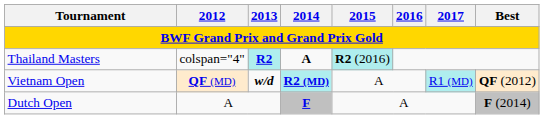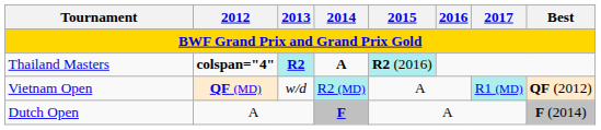 <table style='font-size: 90%; text-align:center;' class='wikitable'>
 <tr>
 <th width=180>Tournament</th>
 <th><a href='#'>2012</a></th>
 <th><a href='#'>2013</a></th>
 <th><a href='#'>2014</a></th>
 <th><a href='#'>2015</a></th>
 <th><a href='#'>2016</a></th>
 <th><a href='#'>2017</a></th>
 <th>Best</th>
 </tr>
 <tr bgcolor=FFD700>
 <td colspan=20 align=center><strong><a href='#'>BWF Grand Prix and Grand Prix Gold</a></strong></td>
 </tr>
 <tr>
 <td align=left><a href='#'>Thailand Masters</a></td>
-<td>colspan="4" </td>
+<td><strong>colspan="4" </strong></td>
 <td bgcolor=AFEEEE><a href='#'><strong>R2</strong></a></td>
 <td><strong>A</strong></td>
 <td bgcolor=AFEEEE><strong>R2</strong> (2016)</td>
 </tr>
 <tr>
 <td align=left><a href='#'>Vietnam Open</a></td>
 <td bgcolor=FFEBCD><a href='#'><strong>QF</strong> <small>(MD)</small></a></td>
-<td><strong><em>w/d</em></strong></td>
-<td bgcolor=AFEEEE><strong><a href='#'>R2 <small>(MD)</small></a></strong></td>
+<td><em>w/d</em></td>
+<td bgcolor=AFEEEE><a href='#'>R2 <small>(MD)</small></a></td>
 <td colspan="2">A</td>
 <td bgcolor=AFEEEE><a href='#'>R1 <small>(MD)</small></a></td>
 <td bgcolor=FFEBCD><strong>QF</strong> (2012)</td>
 </tr>
 <tr>
 <td align=left><a href='#'>Dutch Open</a></td>
 <td colspan="2">A</td>
 <td bgcolor=Silver><a href='#'><strong>F</strong></a></td>
 <td colspan="3">A</td>
 <td bgcolor=Silver><strong>F</strong> (2014)</td>
 </tr>
 </table>
